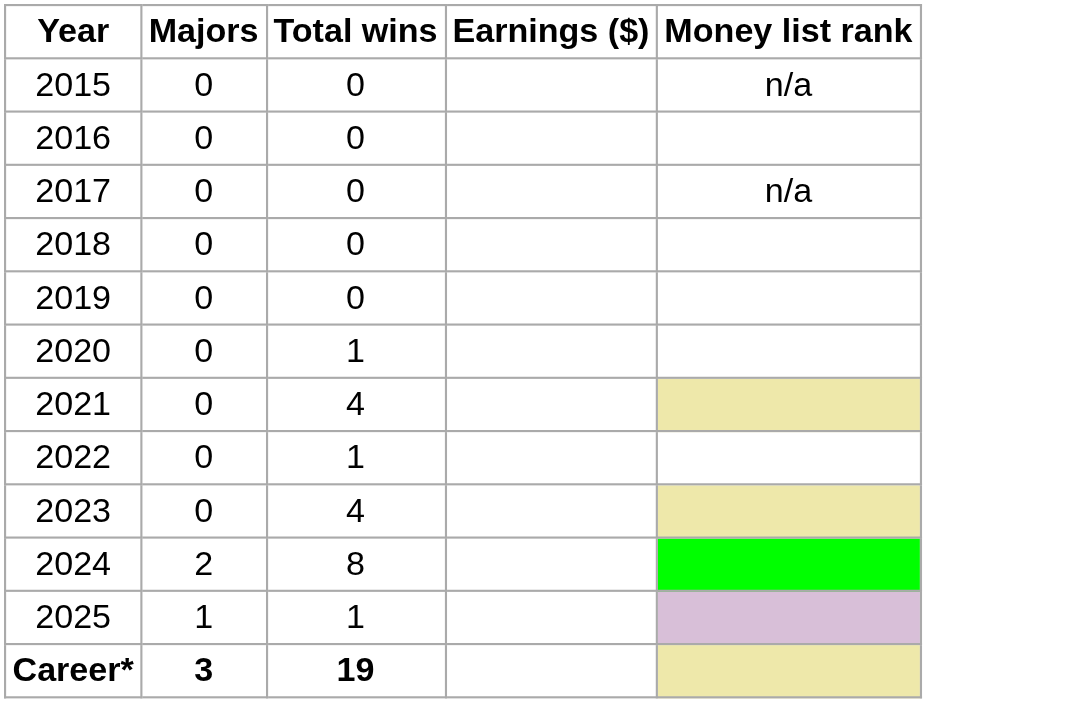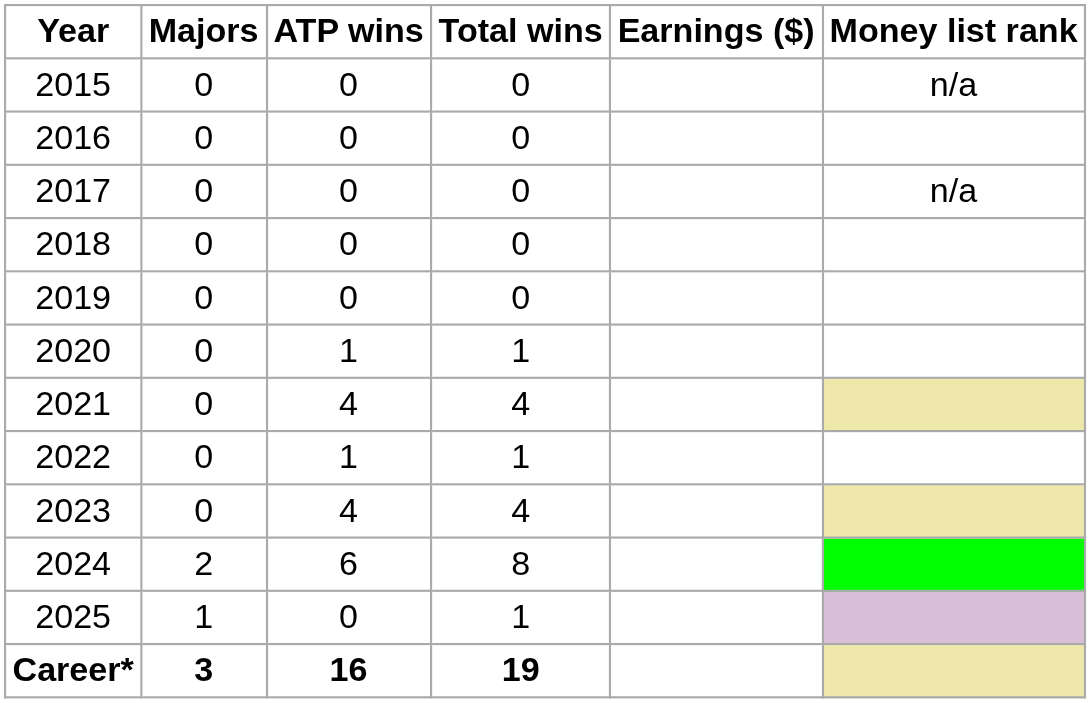 <table cellpadding=3 cellspacing=0 border=1 style=font-size:100%;border:#aaa;solid:1;border-collapse:collapse;text-align:center>
 <tr>
 <th>Year</th>
 <th>Majors</th>
+<th>ATP wins</th>
 <th>Total wins</th>
 <th>Earnings ($)</th>
 <th>Money list rank</th>
 </tr>
 <tr>
 <td>2015</td>
+<td>0</td>
 <td>0</td>
 <td>0</td>
 <td align=right></td>
 <td>n/a</td>
 </tr>
 <tr>
 <td>2016</td>
 <td>0</td>
 <td>0</td>
+<td>0</td>
 <td align=right></td>
 <td></td>
 </tr>
 <tr>
 <td>2017</td>
+<td>0</td>
 <td>0</td>
 <td>0</td>
 <td align=right></td>
 <td>n/a</td>
 </tr>
 <tr>
 <td>2018</td>
 <td>0</td>
 <td>0</td>
+<td>0</td>
 <td align=right></td>
 <td></td>
 </tr>
 <tr>
 <td>2019</td>
+<td>0</td>
 <td>0</td>
 <td>0</td>
 <td align=right></td>
 <td></td>
 </tr>
 <tr>
 <td>2020</td>
 <td>0</td>
 <td>1</td>
+<td>1</td>
 <td align=right></td>
 <td></td>
 </tr>
 <tr>
 <td>2021</td>
 <td>0</td>
+<td>4</td>
 <td>4</td>
 <td align=right></td>
 <td bgcolor=eee8aa></td>
 </tr>
 <tr>
 <td>2022</td>
 <td>0</td>
 <td>1</td>
+<td>1</td>
 <td align=right></td>
 <td></td>
 </tr>
 <tr>
 <td>2023</td>
 <td>0</td>
 <td>4</td>
+<td>4</td>
 <td align=right></td>
 <td bgcolor=eee8aa></td>
 </tr>
 <tr>
 <td>2024</td>
 <td>2</td>
+<td>6</td>
 <td>8</td>
 <td align=right></td>
 <td bgcolor=lime></td>
 </tr>
 <tr>
 <td>2025</td>
 <td>1</td>
+<td>0</td>
 <td>1</td>
 <td align=right></td>
 <td bgcolor=thistle></td>
 </tr>
 <tr>
 <th>Career*</th>
 <th>3</th>
+<th>16</th>
 <th>19</th>
 <th align=right></th>
 <th bgcolor=eee8aa></th>
 </tr>
 </table>
